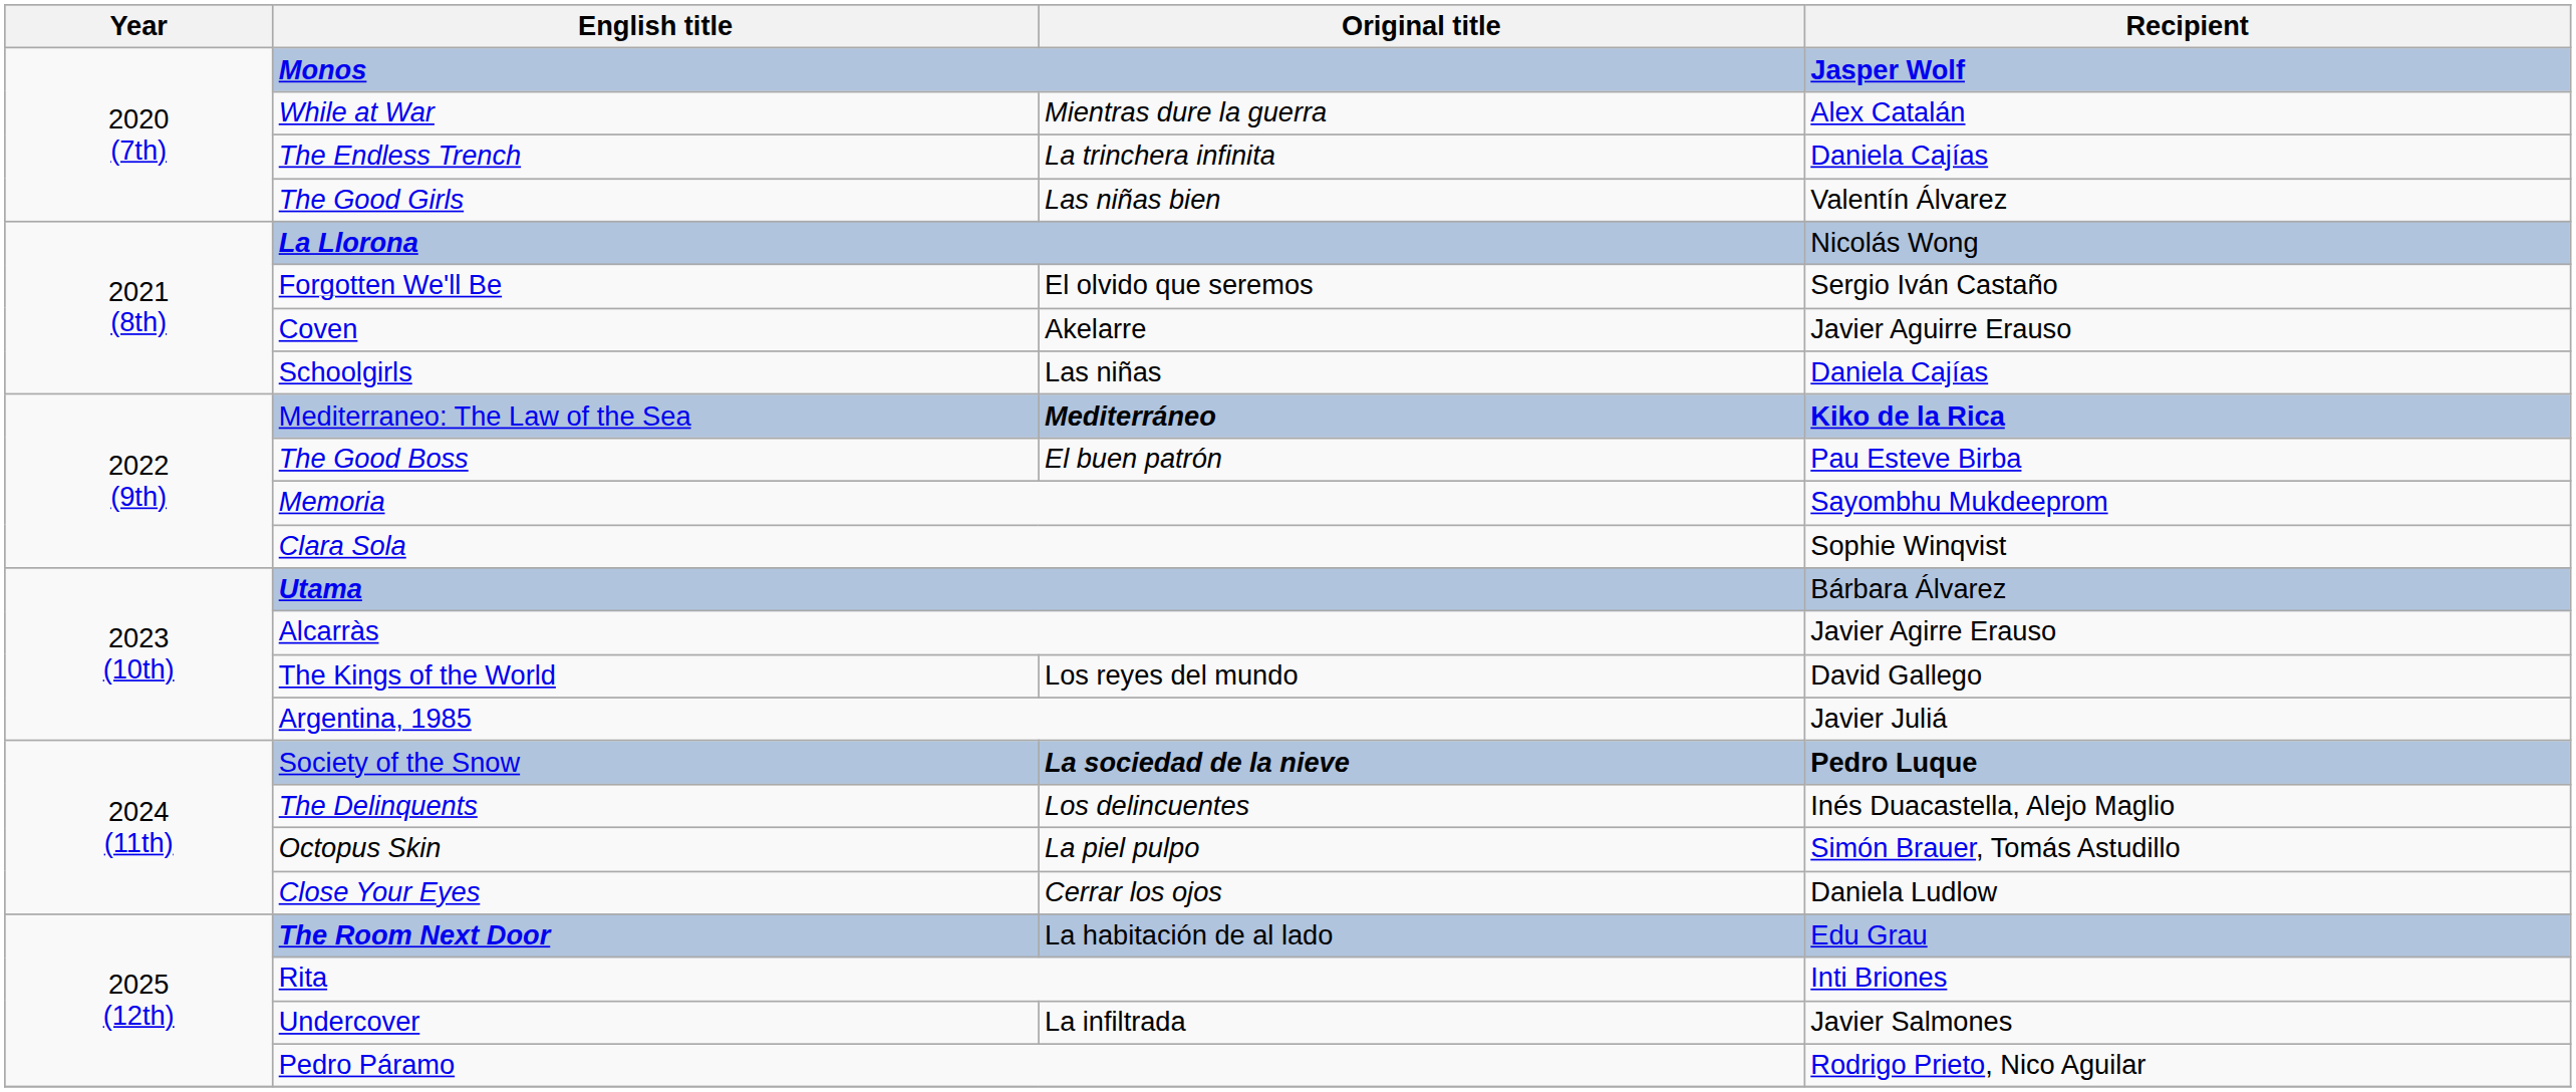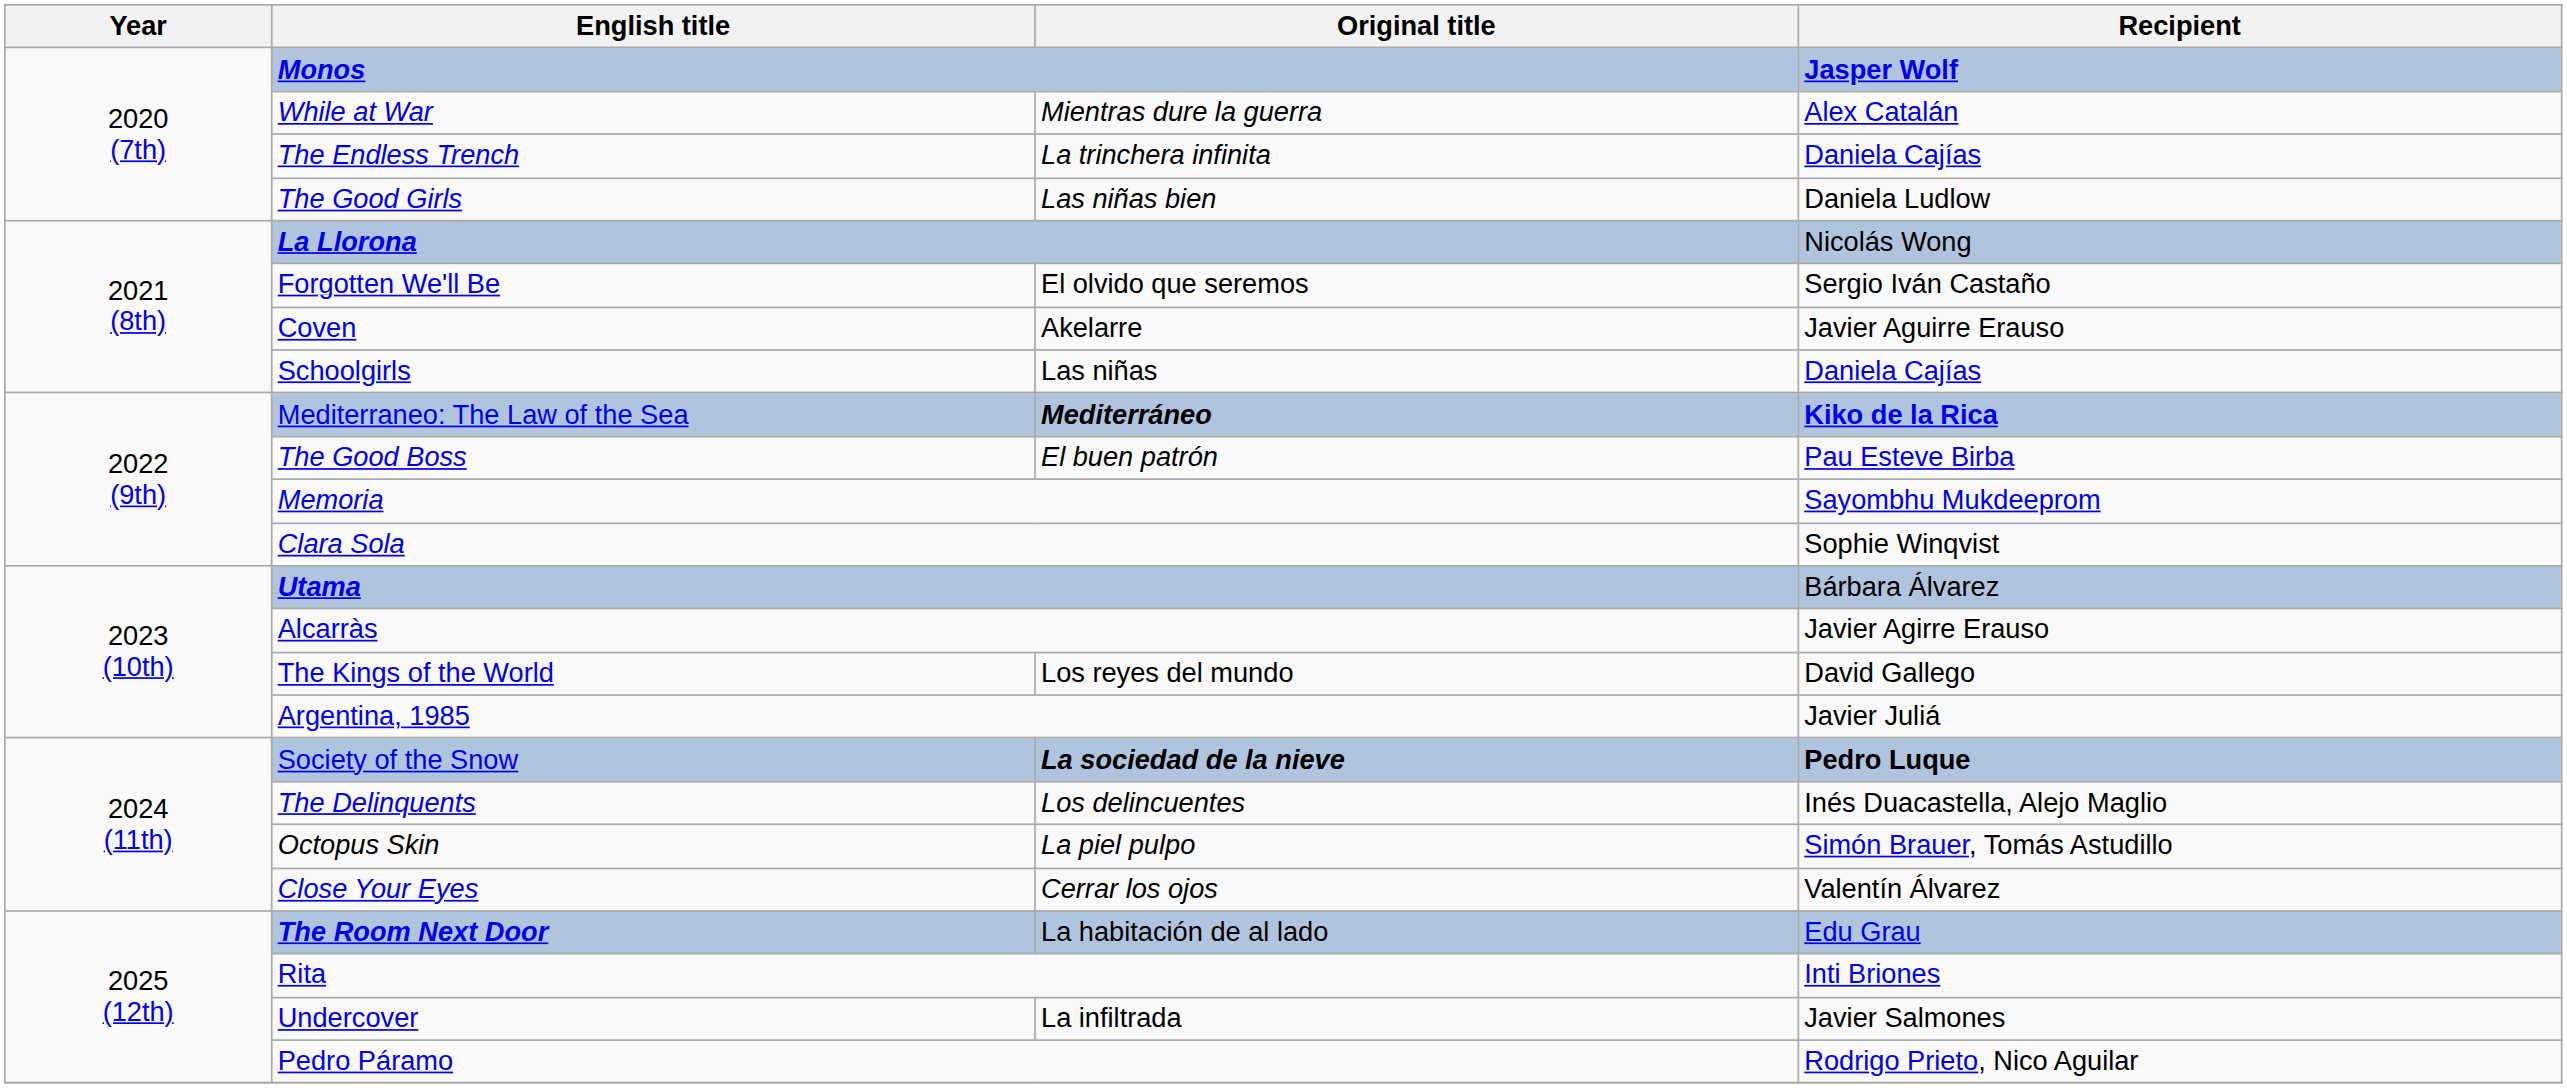 <table class="wikitable" width="95%" cellpadding="6">
 <tr>
 <th width="100"><strong>Year</strong></th>
 <th width="300"><strong>English title</strong></th>
 <th width="300"><strong>Original title</strong></th>
 <th width="300"><strong>Recipient</strong></th>
 </tr>
 <tr>
 <td rowspan="4" style="text-align:center;">2020<br><a href='#'>(7th)</a><br></td>
 <td colspan="2" style="background:#B0C4DE;"> <strong><em><a href='#'>Monos</a></em></strong></td>
 <td style="background:#B0C4DE;"><strong><a href='#'>Jasper Wolf</a></strong></td>
 </tr>
 <tr>
 <td> <em><a href='#'>While at War</a></em></td>
 <td><em>Mientras dure la guerra</em></td>
 <td><a href='#'>Alex Catalán</a></td>
 </tr>
 <tr>
 <td> <em><a href='#'>The Endless Trench</a></em></td>
 <td><em>La trinchera infinita</em></td>
 <td><a href='#'>Daniela Cajías</a></td>
 </tr>
 <tr>
 <td> <em><a href='#'>The Good Girls</a></em></td>
 <td><em>Las niñas bien</em></td>
-<td>Valentín Álvarez</td>
+<td>Daniela Ludlow</td>
 </tr>
 <tr>
 <td rowspan="4" style="text-align:center;">2021<br><a href='#'>(8th)</a><br></td>
 <td style="background:#B0C4DE;" colspan="2"><strong> <em><a href='#'>La Llorona</a><strong><em></td>
 <td style="background:#B0C4DE;"></strong>Nicolás Wong<strong></td>
 </tr>
 <tr>
 <td> </em><a href='#'>Forgotten We'll Be</a><em></td>
 <td></em>El olvido que seremos<em></td>
 <td>Sergio Iván Castaño</td>
 </tr>
 <tr>
 <td> </em><a href='#'>Coven</a><em></td>
 <td></em>Akelarre<em></td>
 <td>Javier Aguirre Erauso</td>
 </tr>
 <tr>
 <td> </em><a href='#'>Schoolgirls</a><em></td>
 <td></em>Las niñas<em></td>
 <td><a href='#'>Daniela Cajías</a></td>
 </tr>
 <tr>
 <td rowspan="4" style="text-align:center;">2022<br><a href='#'>(9th)</a><br></td>
 <td style="background:#B0C4DE;"></strong> </em><a href='#'>Mediterraneo: The Law of the Sea</a></em></strong></td>
 <td style="background:#B0C4DE;"><strong><em>Mediterráneo</em></strong></td>
 <td style="background:#B0C4DE;"><strong><a href='#'>Kiko de la Rica</a></strong></td>
 </tr>
 <tr>
 <td> <em><a href='#'>The Good Boss</a></em></td>
 <td><em>El buen patrón</em></td>
 <td><a href='#'>Pau Esteve Birba</a></td>
 </tr>
 <tr>
 <td colspan="2"> <em><a href='#'>Memoria</a></em></td>
 <td><a href='#'>Sayombhu Mukdeeprom</a></td>
 </tr>
 <tr>
 <td colspan="2"> <em><a href='#'>Clara Sola</a></em></td>
 <td>Sophie Winqvist</td>
 </tr>
 <tr>
 <td rowspan="4" style="text-align:center;">2023<br><a href='#'>(10th)</a><br></td>
 <td style="background:#B0C4DE;" colspan="2"><strong> <em><a href='#'>Utama</a><strong><em></td>
 <td style="background:#B0C4DE;"></strong>Bárbara Álvarez<strong></td>
 </tr>
 <tr>
 <td colspan="2"> </em><a href='#'>Alcarràs</a><em></td>
 <td>Javier Agirre Erauso</td>
 </tr>
 <tr>
 <td> </em><a href='#'>The Kings of the World</a><em></td>
 <td></em>Los reyes del mundo<em></td>
 <td>David Gallego</td>
 </tr>
 <tr>
 <td colspan="2"> </em><a href='#'>Argentina, 1985</a><em></td>
 <td>Javier Juliá</td>
 </tr>
 <tr>
 <td rowspan="4" style="text-align:center;">2024<br><a href='#'>(11th)</a><br></td>
 <td style="background:#B0C4DE;"></strong> </em><a href='#'>Society of the Snow</a></em></strong></td>
 <td style="background:#B0C4DE;"><strong><em>La sociedad de la nieve</em></strong></td>
 <td style="background:#B0C4DE;"><strong>Pedro Luque</strong></td>
 </tr>
 <tr>
 <td> <em><a href='#'>The Delinquents</a></em></td>
 <td><em>Los delincuentes</em></td>
 <td>Inés Duacastella, Alejo Maglio</td>
 </tr>
 <tr>
 <td> <em>Octopus Skin</em></td>
 <td><em>La piel pulpo</em></td>
 <td><a href='#'>Simón Brauer</a>, Tomás Astudillo</td>
 </tr>
 <tr>
 <td> <em><a href='#'>Close Your Eyes</a></em></td>
 <td><em>Cerrar los ojos</em></td>
-<td>Daniela Ludlow</td>
+<td>Valentín Álvarez</td>
 </tr>
 <tr>
 <td rowspan="4" style="text-align:center;">2025<br><a href='#'>(12th)</a><br></td>
 <td style="background:#B0C4DE;"><strong> <em><a href='#'>The Room Next Door</a><strong><em></td>
 <td style="background:#B0C4DE;"></em></strong>La habitación de al lado<strong><em></td>
 <td style="background:#B0C4DE;"></strong><a href='#'>Edu Grau</a><strong></td>
 </tr>
 <tr>
 <td colspan="2"> </em><a href='#'>Rita</a><em></td>
 <td><a href='#'>Inti Briones</a></td>
 </tr>
 <tr>
 <td> </em><a href='#'>Undercover</a><em></td>
 <td></em>La infiltrada<em></td>
 <td>Javier Salmones</td>
 </tr>
 <tr>
 <td colspan="2"> </em><a href='#'>Pedro Páramo</a><em></td>
 <td><a href='#'>Rodrigo Prieto</a>, Nico Aguilar</td>
 </tr>
 <tr>
 </tr>
 </table>
